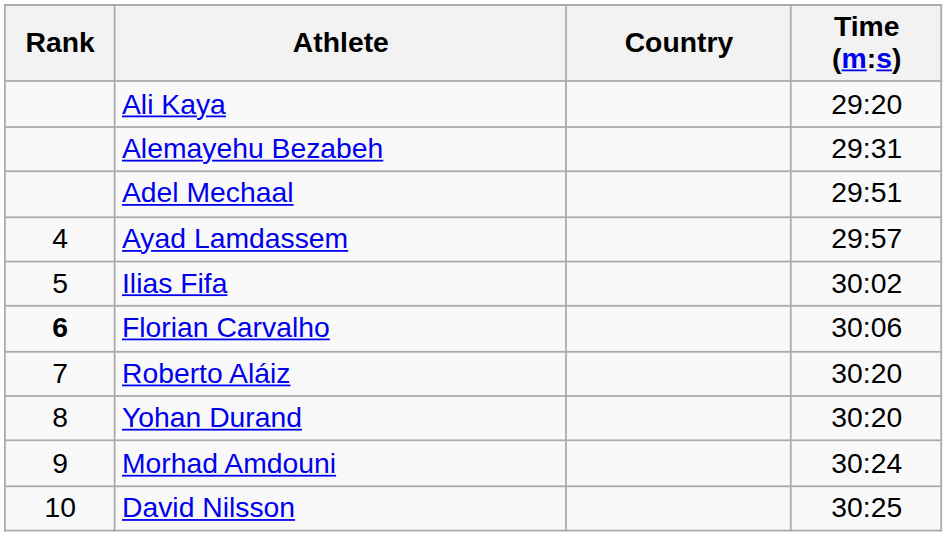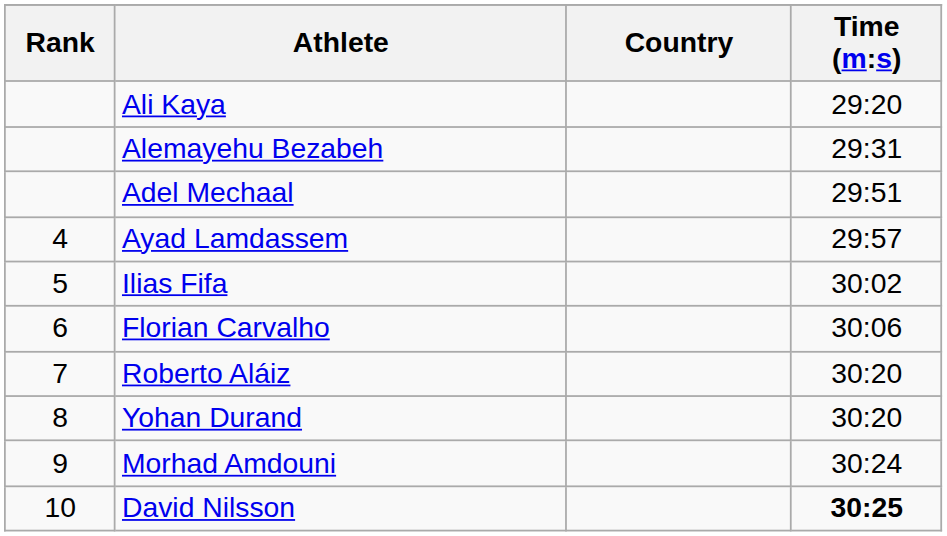 <table class="wikitable" style="text-align:center;" width="60%">
 <tr>
 </tr>
 <tr>
 <th width=5%>Rank</th>
 <th width=30%>Athlete</th>
 <th width=15%>Country</th>
 <th width=10%>Time (<a href='#'>m</a>:<a href='#'>s</a>)</th>
 </tr>
 <tr>
 <td></td>
 <td align="left"><a href='#'>Ali Kaya</a></td>
 <td align="left"></td>
 <td>29:20</td>
 </tr>
 <tr>
 <td></td>
 <td align="left"><a href='#'>Alemayehu Bezabeh</a></td>
 <td align="left"></td>
 <td>29:31</td>
 </tr>
 <tr>
 <td></td>
 <td align="left"><a href='#'>Adel Mechaal</a></td>
 <td align="left"></td>
 <td>29:51</td>
 </tr>
 <tr>
 <td>4</td>
 <td align="left"><a href='#'>Ayad Lamdassem</a></td>
 <td align="left"></td>
 <td>29:57</td>
 </tr>
 <tr>
 <td>5</td>
 <td align="left"><a href='#'>Ilias Fifa</a></td>
 <td align="left"></td>
 <td>30:02</td>
 </tr>
 <tr>
-<td><strong>6</strong></td>
+<td>6</td>
 <td align="left"><a href='#'>Florian Carvalho</a></td>
 <td align="left"></td>
 <td>30:06</td>
 </tr>
 <tr>
 <td>7</td>
 <td align="left"><a href='#'>Roberto Aláiz</a></td>
 <td align="left"></td>
 <td>30:20</td>
 </tr>
 <tr>
 <td>8</td>
 <td align="left"><a href='#'>Yohan Durand</a></td>
 <td align="left"></td>
 <td>30:20</td>
 </tr>
 <tr>
 <td>9</td>
 <td align="left"><a href='#'>Morhad Amdouni</a></td>
 <td align="left"></td>
 <td>30:24</td>
 </tr>
 <tr>
 <td>10</td>
 <td align="left"><a href='#'>David Nilsson</a></td>
 <td align="left"></td>
-<td>30:25</td>
+<td><strong>30:25</strong></td>
 </tr>
 </table>
